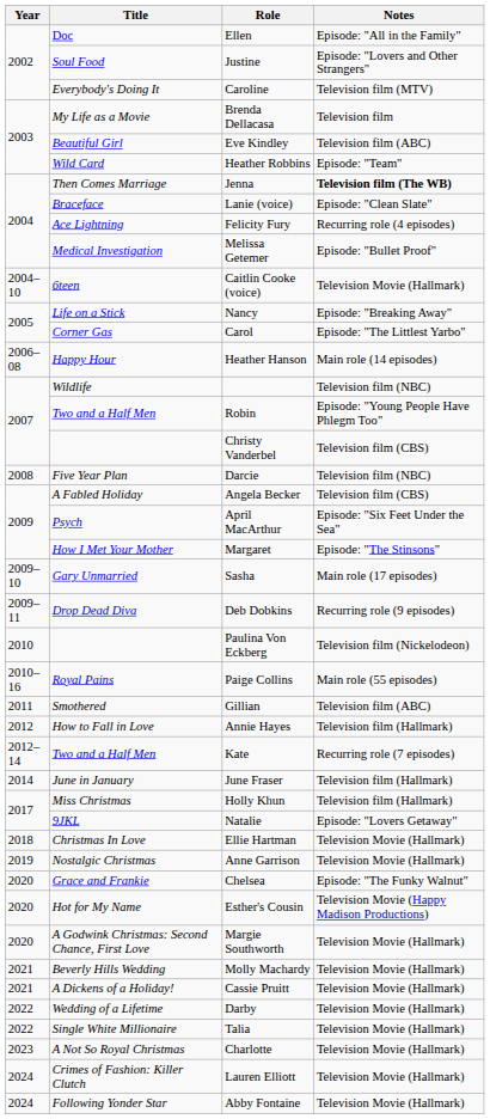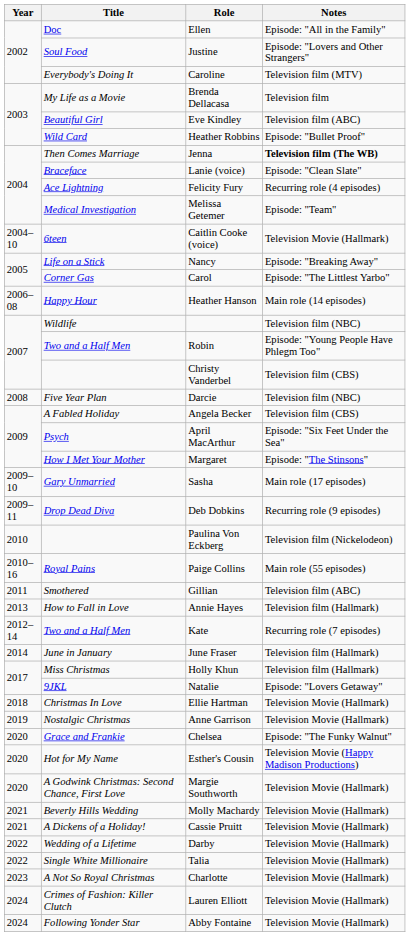 <table class="wikitable sortable">
 <tr>
 <th>Year</th>
 <th>Title</th>
 <th>Role</th>
 <th class="unsortable">Notes</th>
 </tr>
 <tr>
 <td rowspan="3">2002</td>
 <td><em><a href='#'></em>Doc<em></a></em></td>
 <td>Ellen</td>
 <td>Episode: "All in the Family"</td>
 </tr>
 <tr>
 <td><em><a href='#'>Soul Food</a></em></td>
 <td>Justine</td>
 <td>Episode: "Lovers and Other Strangers"</td>
 </tr>
 <tr>
 <td><em>Everybody's Doing It</em></td>
 <td>Caroline</td>
 <td>Television film (MTV)</td>
 </tr>
 <tr>
 <td rowspan="3'">2003</td>
 <td><em>My Life as a Movie</em></td>
 <td>Brenda Dellacasa</td>
 <td>Television film</td>
 </tr>
 <tr>
 <td><em><a href='#'>Beautiful Girl</a></em></td>
 <td>Eve Kindley</td>
 <td>Television film (ABC)</td>
 </tr>
 <tr>
 <td><em><a href='#'>Wild Card</a></em></td>
 <td>Heather Robbins</td>
-<td>Episode: "Team"</td>
+<td>Episode: "Bullet Proof"</td>
 </tr>
 <tr>
 <td rowspan="4">2004</td>
 <td><em>Then Comes Marriage</em></td>
 <td>Jenna</td>
 <td><strong>Television film (The WB)</strong></td>
 </tr>
 <tr>
 <td><em><a href='#'>Braceface</a></em></td>
 <td>Lanie (voice)</td>
 <td>Episode: "Clean Slate"</td>
 </tr>
 <tr>
 <td><em><a href='#'>Ace Lightning</a></em></td>
 <td>Felicity Fury</td>
 <td>Recurring role (4 episodes)</td>
 </tr>
 <tr>
 <td><em><a href='#'>Medical Investigation</a></em></td>
 <td>Melissa Getemer</td>
-<td>Episode: "Bullet Proof"</td>
+<td>Episode: "Team"</td>
 </tr>
 <tr>
 <td>2004–10</td>
 <td><em><a href='#'>6teen</a></em></td>
 <td>Caitlin Cooke (voice)</td>
 <td>Television Movie (Hallmark)</td>
 </tr>
 <tr>
 <td rowspan="2">2005</td>
 <td><em><a href='#'>Life on a Stick</a></em></td>
 <td>Nancy</td>
 <td>Episode: "Breaking Away"</td>
 </tr>
 <tr>
 <td><em><a href='#'>Corner Gas</a></em></td>
 <td>Carol</td>
 <td>Episode: "The Littlest Yarbo"</td>
 </tr>
 <tr>
 <td>2006–08</td>
 <td><em><a href='#'>Happy Hour</a></em></td>
 <td>Heather Hanson</td>
 <td>Main role (14 episodes)</td>
 </tr>
 <tr>
 <td rowspan="3">2007</td>
 <td><em>Wildlife</em></td>
 <td></td>
 <td>Television film (NBC)</td>
 </tr>
 <tr>
 <td><em><a href='#'>Two and a Half Men</a></em></td>
 <td>Robin</td>
 <td>Episode: "Young People Have Phlegm Too"</td>
 </tr>
 <tr>
 <td><em></em></td>
 <td>Christy Vanderbel</td>
 <td>Television film (CBS)</td>
 </tr>
 <tr>
 <td>2008</td>
 <td><em>Five Year Plan</em></td>
 <td>Darcie</td>
 <td>Television film (NBC)</td>
 </tr>
 <tr>
 <td rowspan="3">2009</td>
 <td data-sort-value="Fabled Holiday, The"><em>A Fabled Holiday</em></td>
 <td>Angela Becker</td>
 <td>Television film (CBS)</td>
 </tr>
 <tr>
 <td><em><a href='#'>Psych</a></em></td>
 <td>April MacArthur</td>
 <td>Episode: "Six Feet Under the Sea"</td>
 </tr>
 <tr>
 <td><em><a href='#'>How I Met Your Mother</a></em></td>
 <td>Margaret</td>
 <td>Episode: "<a href='#'>The Stinsons</a>"</td>
 </tr>
 <tr>
 <td>2009–10</td>
 <td><em><a href='#'>Gary Unmarried</a></em></td>
 <td>Sasha</td>
 <td>Main role (17 episodes)</td>
 </tr>
 <tr>
 <td>2009–11</td>
 <td><em><a href='#'>Drop Dead Diva</a></em></td>
 <td>Deb Dobkins</td>
 <td>Recurring role (9 episodes)</td>
 </tr>
 <tr>
 <td>2010</td>
 <td><em></em></td>
 <td>Paulina Von Eckberg</td>
 <td>Television film (Nickelodeon)</td>
 </tr>
 <tr>
 <td>2010–16</td>
 <td><em><a href='#'>Royal Pains</a></em></td>
 <td>Paige Collins</td>
 <td>Main role (55 episodes)</td>
 </tr>
 <tr>
 <td>2011</td>
 <td><em>Smothered</em></td>
 <td>Gillian</td>
 <td>Television film (ABC)</td>
 </tr>
 <tr>
-<td>2012</td>
+<td>2013</td>
 <td><em>How to Fall in Love</em></td>
 <td>Annie Hayes</td>
 <td>Television film (Hallmark)</td>
 </tr>
 <tr>
 <td>2012–14</td>
 <td><em><a href='#'>Two and a Half Men</a></em></td>
 <td>Kate</td>
 <td>Recurring role (7 episodes)</td>
 </tr>
 <tr>
 <td>2014</td>
 <td><em>June in January</em></td>
 <td>June Fraser</td>
 <td>Television film (Hallmark)</td>
 </tr>
 <tr>
 <td rowspan="2">2017</td>
 <td><em>Miss Christmas</em></td>
 <td>Holly Khun</td>
 <td>Television film (Hallmark)</td>
 </tr>
 <tr>
 <td><em><a href='#'>9JKL</a></em></td>
 <td>Natalie</td>
 <td>Episode: "Lovers Getaway"</td>
 </tr>
 <tr>
 <td>2018</td>
 <td><em>Christmas In Love</em></td>
 <td>Ellie Hartman</td>
 <td>Television Movie (Hallmark)</td>
 </tr>
 <tr>
 <td>2019</td>
 <td><em>Nostalgic Christmas</em></td>
 <td>Anne Garrison</td>
 <td>Television Movie (Hallmark)</td>
 </tr>
 <tr>
 <td>2020</td>
 <td><em><a href='#'>Grace and Frankie</a></em></td>
 <td>Chelsea</td>
 <td>Episode: "The Funky Walnut"</td>
 </tr>
 <tr>
 <td>2020</td>
 <td><em>Hot for My Name</em></td>
 <td>Esther's Cousin</td>
 <td>Television Movie (<a href='#'>Happy Madison Productions</a>)</td>
 </tr>
 <tr>
 <td>2020</td>
 <td data-sort-value="Godwink Christmas: Second Chance, First Love, The"><em>A Godwink Christmas: Second Chance, First Love</em></td>
 <td>Margie Southworth</td>
 <td>Television Movie (Hallmark)</td>
 </tr>
 <tr>
 <td>2021</td>
 <td><em>Beverly Hills Wedding</em></td>
 <td>Molly Machardy</td>
 <td>Television Movie (Hallmark)</td>
 </tr>
 <tr>
 <td>2021</td>
 <td data-sort-value="Dickens of a Holiday!, The"><em>A Dickens of a Holiday!</em></td>
 <td>Cassie Pruitt</td>
 <td>Television Movie (Hallmark)</td>
 </tr>
 <tr>
 <td>2022</td>
 <td><em>Wedding of a Lifetime</em></td>
 <td>Darby</td>
 <td>Television Movie (Hallmark)</td>
 </tr>
 <tr>
 <td>2022</td>
 <td><em>Single White Millionaire</em></td>
 <td>Talia</td>
 <td>Television Movie (Hallmark)</td>
 </tr>
 <tr>
 <td>2023</td>
 <td data-sort-value="Not So Royal Christmas, The"><em>A Not So Royal Christmas</em></td>
 <td>Charlotte</td>
 <td>Television Movie (Hallmark)</td>
 </tr>
 <tr>
 <td>2024</td>
 <td><em>Crimes of Fashion: Killer Clutch</em></td>
 <td>Lauren Elliott</td>
 <td>Television Movie (Hallmark)</td>
 </tr>
 <tr>
 <td>2024</td>
 <td><em>Following Yonder Star</em></td>
 <td>Abby Fontaine</td>
 <td>Television Movie (Hallmark)</td>
 </tr>
 </table>
